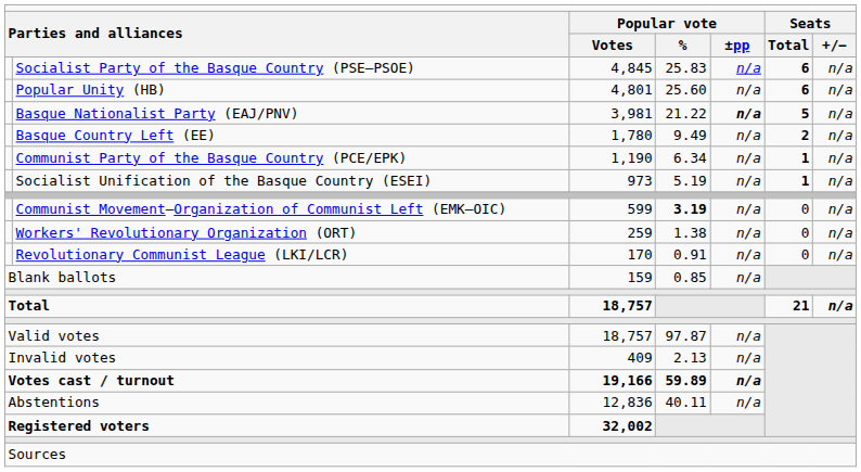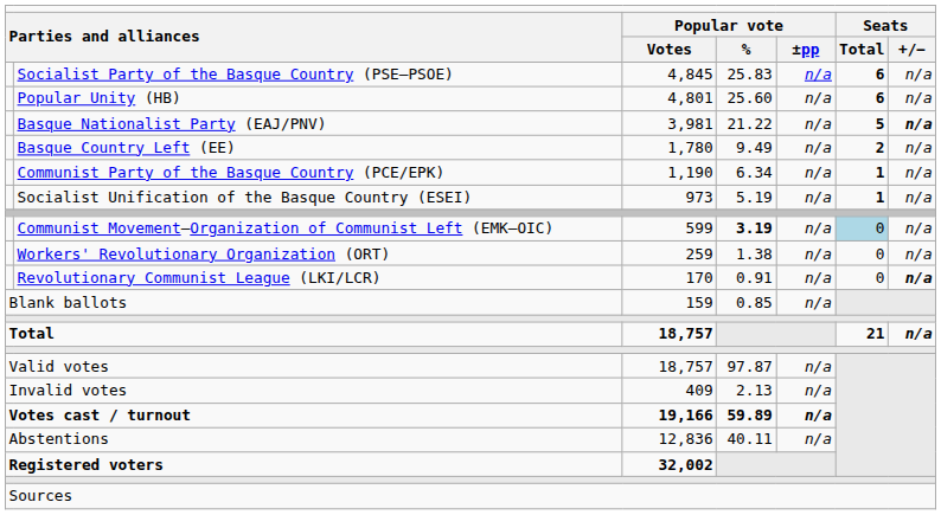 <table class="wikitable" style="text-align:right;">
 <tr>
 <td colspan="7"></td>
 </tr>
 <tr>
 <th style="text-align:left;" rowspan="2" colspan="2" width="525">Parties and alliances</th>
 <th colspan="3">Popular vote</th>
 <th colspan="2">Seats</th>
 </tr>
 <tr>
 <th width="75">Votes</th>
 <th width="45">%</th>
 <th width="45">±<a href='#'>pp</a></th>
 <th width="35">Total</th>
 <th width="35">+/−</th>
 </tr>
 <tr>
 <td width="1" style="color:inherit;background:"></td>
 <td align="left"><a href='#'>Socialist Party of the Basque Country</a> (PSE–PSOE)</td>
 <td>4,845</td>
 <td>25.83</td>
 <td><em><a href='#'>n/a</a></em></td>
 <td><strong>6</strong></td>
 <td><em>n/a</em></td>
 </tr>
 <tr>
 <td style="color:inherit;background:"></td>
 <td align="left"><a href='#'>Popular Unity</a> (HB)</td>
 <td>4,801</td>
 <td>25.60</td>
 <td><em>n/a</em></td>
 <td><strong>6</strong></td>
 <td><em>n/a</em></td>
 </tr>
 <tr>
 <td style="color:inherit;background:"></td>
 <td align="left"><a href='#'>Basque Nationalist Party</a> (EAJ/PNV)</td>
 <td>3,981</td>
 <td>21.22</td>
+<td><em>n/a</em></td>
+<td><strong>5</strong></td>
 <td><strong><em>n/a</em></strong></td>
-<td><strong>5</strong></td>
-<td><em>n/a</em></td>
 </tr>
 <tr>
 <td style="color:inherit;background:"></td>
 <td align="left"><a href='#'>Basque Country Left</a> (EE)</td>
 <td>1,780</td>
 <td>9.49</td>
 <td><em>n/a</em></td>
 <td><strong>2</strong></td>
 <td><em>n/a</em></td>
 </tr>
 <tr>
 <td style="color:inherit;background:"></td>
 <td align="left"><a href='#'>Communist Party of the Basque Country</a> (PCE/EPK)</td>
 <td>1,190</td>
 <td>6.34</td>
 <td><em>n/a</em></td>
 <td><strong>1</strong></td>
 <td><em>n/a</em></td>
 </tr>
 <tr>
 <td style="color:inherit;background:"></td>
 <td align="left">Socialist Unification of the Basque Country (ESEI)</td>
 <td>973</td>
 <td>5.19</td>
 <td><em>n/a</em></td>
 <td><strong>1</strong></td>
 <td><em>n/a</em></td>
 </tr>
 <tr>
 <td colspan="7" bgcolor="#C0C0C0"></td>
 </tr>
 <tr>
 <td style="color:inherit;background:"></td>
 <td align="left"><a href='#'>Communist Movement</a>–<a href='#'>Organization of Communist Left</a> (EMK–OIC)</td>
 <td>599</td>
 <td><strong>3.19</strong></td>
 <td><em>n/a</em></td>
-<td>0</td>
+<td style="background: lightblue;">0</td>
 <td><em>n/a</em></td>
 </tr>
 <tr>
 <td style="color:inherit;background:"></td>
 <td align="left"><a href='#'>Workers' Revolutionary Organization</a> (ORT)</td>
 <td>259</td>
 <td>1.38</td>
 <td><em>n/a</em></td>
 <td>0</td>
 <td><em>n/a</em></td>
 </tr>
 <tr>
 <td style="color:inherit;background:"></td>
 <td align="left"><a href='#'>Revolutionary Communist League</a> (LKI/LCR)</td>
 <td>170</td>
 <td>0.91</td>
 <td><em>n/a</em></td>
 <td>0</td>
-<td><em>n/a</em></td>
+<td><strong><em>n/a</em></strong></td>
 </tr>
 <tr>
 <td align="left" colspan="2">Blank ballots</td>
 <td>159</td>
 <td>0.85</td>
 <td><em>n/a</em></td>
 <td bgcolor="#E9E9E9" colspan="2"></td>
 </tr>
 <tr>
 <td colspan="7" bgcolor="#E9E9E9"></td>
 </tr>
 <tr style="font-weight:bold;">
 <td align="left" colspan="2">Total</td>
 <td>18,757</td>
 <td bgcolor="#E9E9E9" colspan="2"></td>
 <td>21</td>
 <td><em>n/a</em></td>
 </tr>
 <tr>
 <td colspan="7" bgcolor="#E9E9E9"></td>
 </tr>
 <tr>
 <td align="left" colspan="2">Valid votes</td>
 <td>18,757</td>
 <td>97.87</td>
 <td><em>n/a</em></td>
 <td bgcolor="#E9E9E9" colspan="2" rowspan="5"></td>
 </tr>
 <tr>
 <td align="left" colspan="2">Invalid votes</td>
 <td>409</td>
 <td>2.13</td>
 <td><em>n/a</em></td>
 </tr>
 <tr style="font-weight:bold;">
 <td align="left" colspan="2">Votes cast / turnout</td>
 <td>19,166</td>
 <td>59.89</td>
 <td><em>n/a</em></td>
 </tr>
 <tr>
 <td align="left" colspan="2">Abstentions</td>
 <td>12,836</td>
 <td>40.11</td>
 <td><em>n/a</em></td>
 </tr>
 <tr style="font-weight:bold;">
 <td align="left" colspan="2">Registered voters</td>
 <td>32,002</td>
 <td bgcolor="#E9E9E9" colspan="2"></td>
 </tr>
 <tr>
 <td colspan="7" bgcolor="#E9E9E9"></td>
 </tr>
 <tr>
 <td align="left" colspan="7">Sources</td>
 </tr>
 </table>
